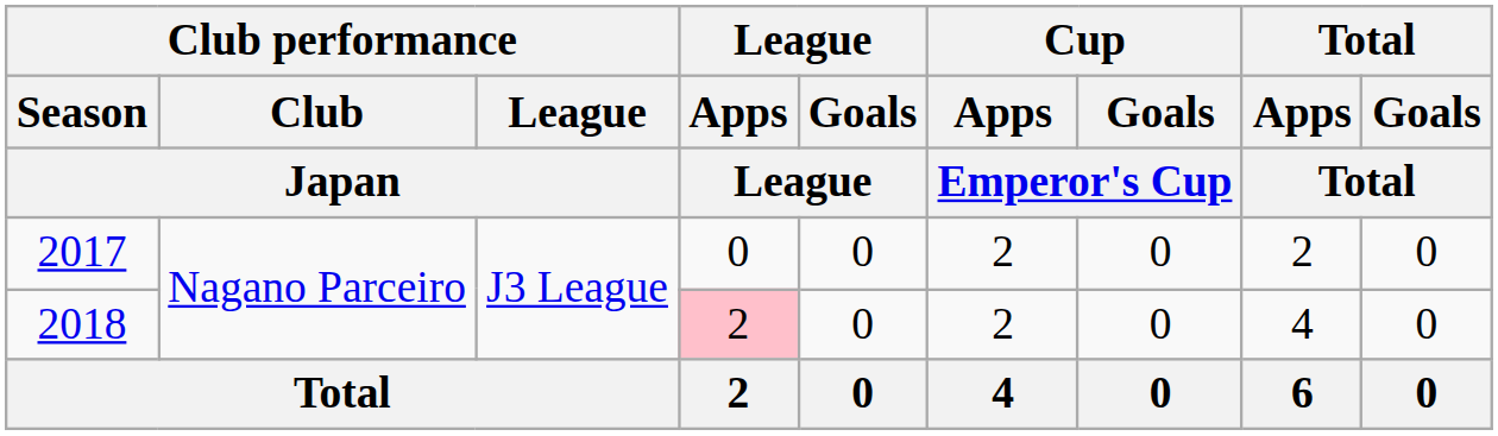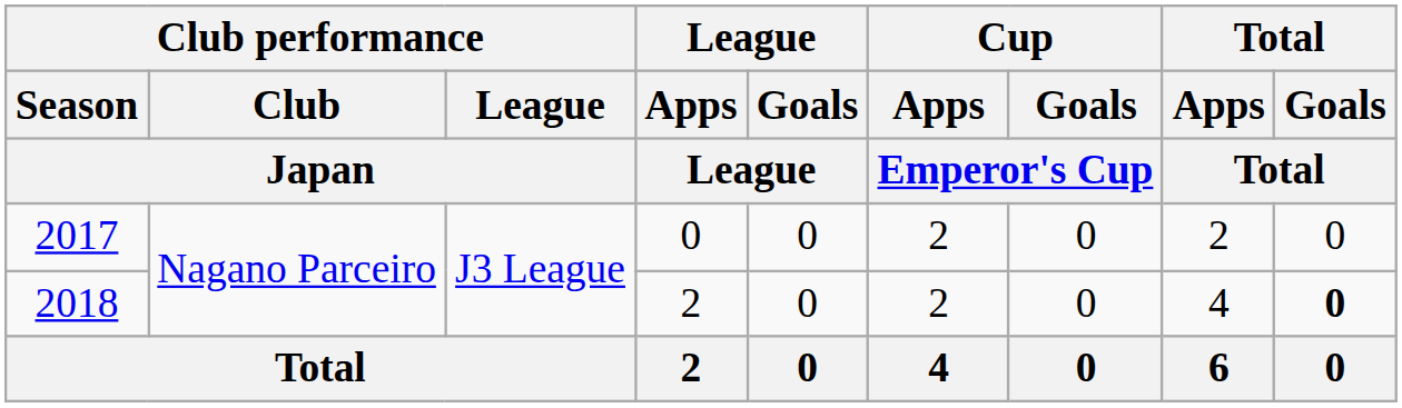 <table class="wikitable" style="text-align:center;">
 <tr>
 <th colspan=3>Club performance</th>
 <th colspan=2>League</th>
 <th colspan=2>Cup</th>
 <th colspan=2>Total</th>
 </tr>
 <tr>
 <th>Season</th>
 <th>Club</th>
 <th>League</th>
 <th>Apps</th>
 <th>Goals</th>
 <th>Apps</th>
 <th>Goals</th>
 <th>Apps</th>
 <th>Goals</th>
 </tr>
 <tr>
 <th colspan=3>Japan</th>
 <th colspan=2>League</th>
 <th colspan=2><a href='#'>Emperor's Cup</a></th>
 <th colspan=2>Total</th>
 </tr>
 <tr>
 <td><a href='#'>2017</a></td>
 <td rowspan="2"><a href='#'>Nagano Parceiro</a></td>
 <td rowspan="2"><a href='#'>J3 League</a></td>
 <td>0</td>
 <td>0</td>
 <td>2</td>
 <td>0</td>
 <td>2</td>
 <td>0</td>
 </tr>
 <tr>
 <td><a href='#'>2018</a></td>
-<td style="background: pink;">2</td>
+<td>2</td>
 <td>0</td>
 <td>2</td>
 <td>0</td>
 <td>4</td>
-<td>0</td>
+<td><strong>0</strong></td>
 </tr>
 <tr>
 <th colspan=3>Total</th>
 <th>2</th>
 <th>0</th>
 <th>4</th>
 <th>0</th>
 <th>6</th>
 <th>0</th>
 </tr>
 </table>
